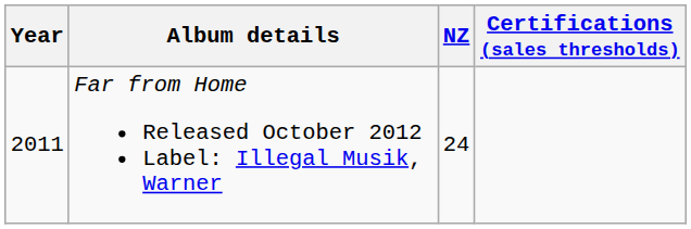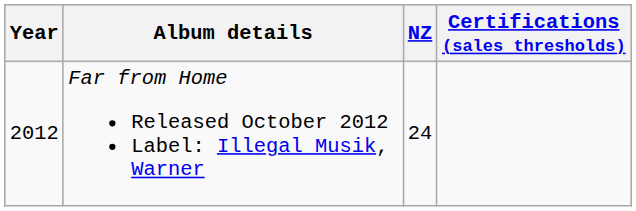 <table class="wikitable" style=text-align:center;>
 <tr>
 <th width="3">Year</th>
 <th width="210">Album details</th>
 <th><a href='#'>NZ</a><br></th>
 <th><a href='#'>Certifications</a><br><small><a href='#'>(sales thresholds)</a></small></th>
 </tr>
 <tr>
-<td>2011</td>
+<td>2012</td>
 <td align="left"><em>Far from Home</em><br><ul><li>Released October 2012</li><li>Label: <a href='#'>Illegal Musik</a>, <a href='#'>Warner</a></li></ul></td>
 <td>24</td>
 <td></td>
 </tr>
 </table>
